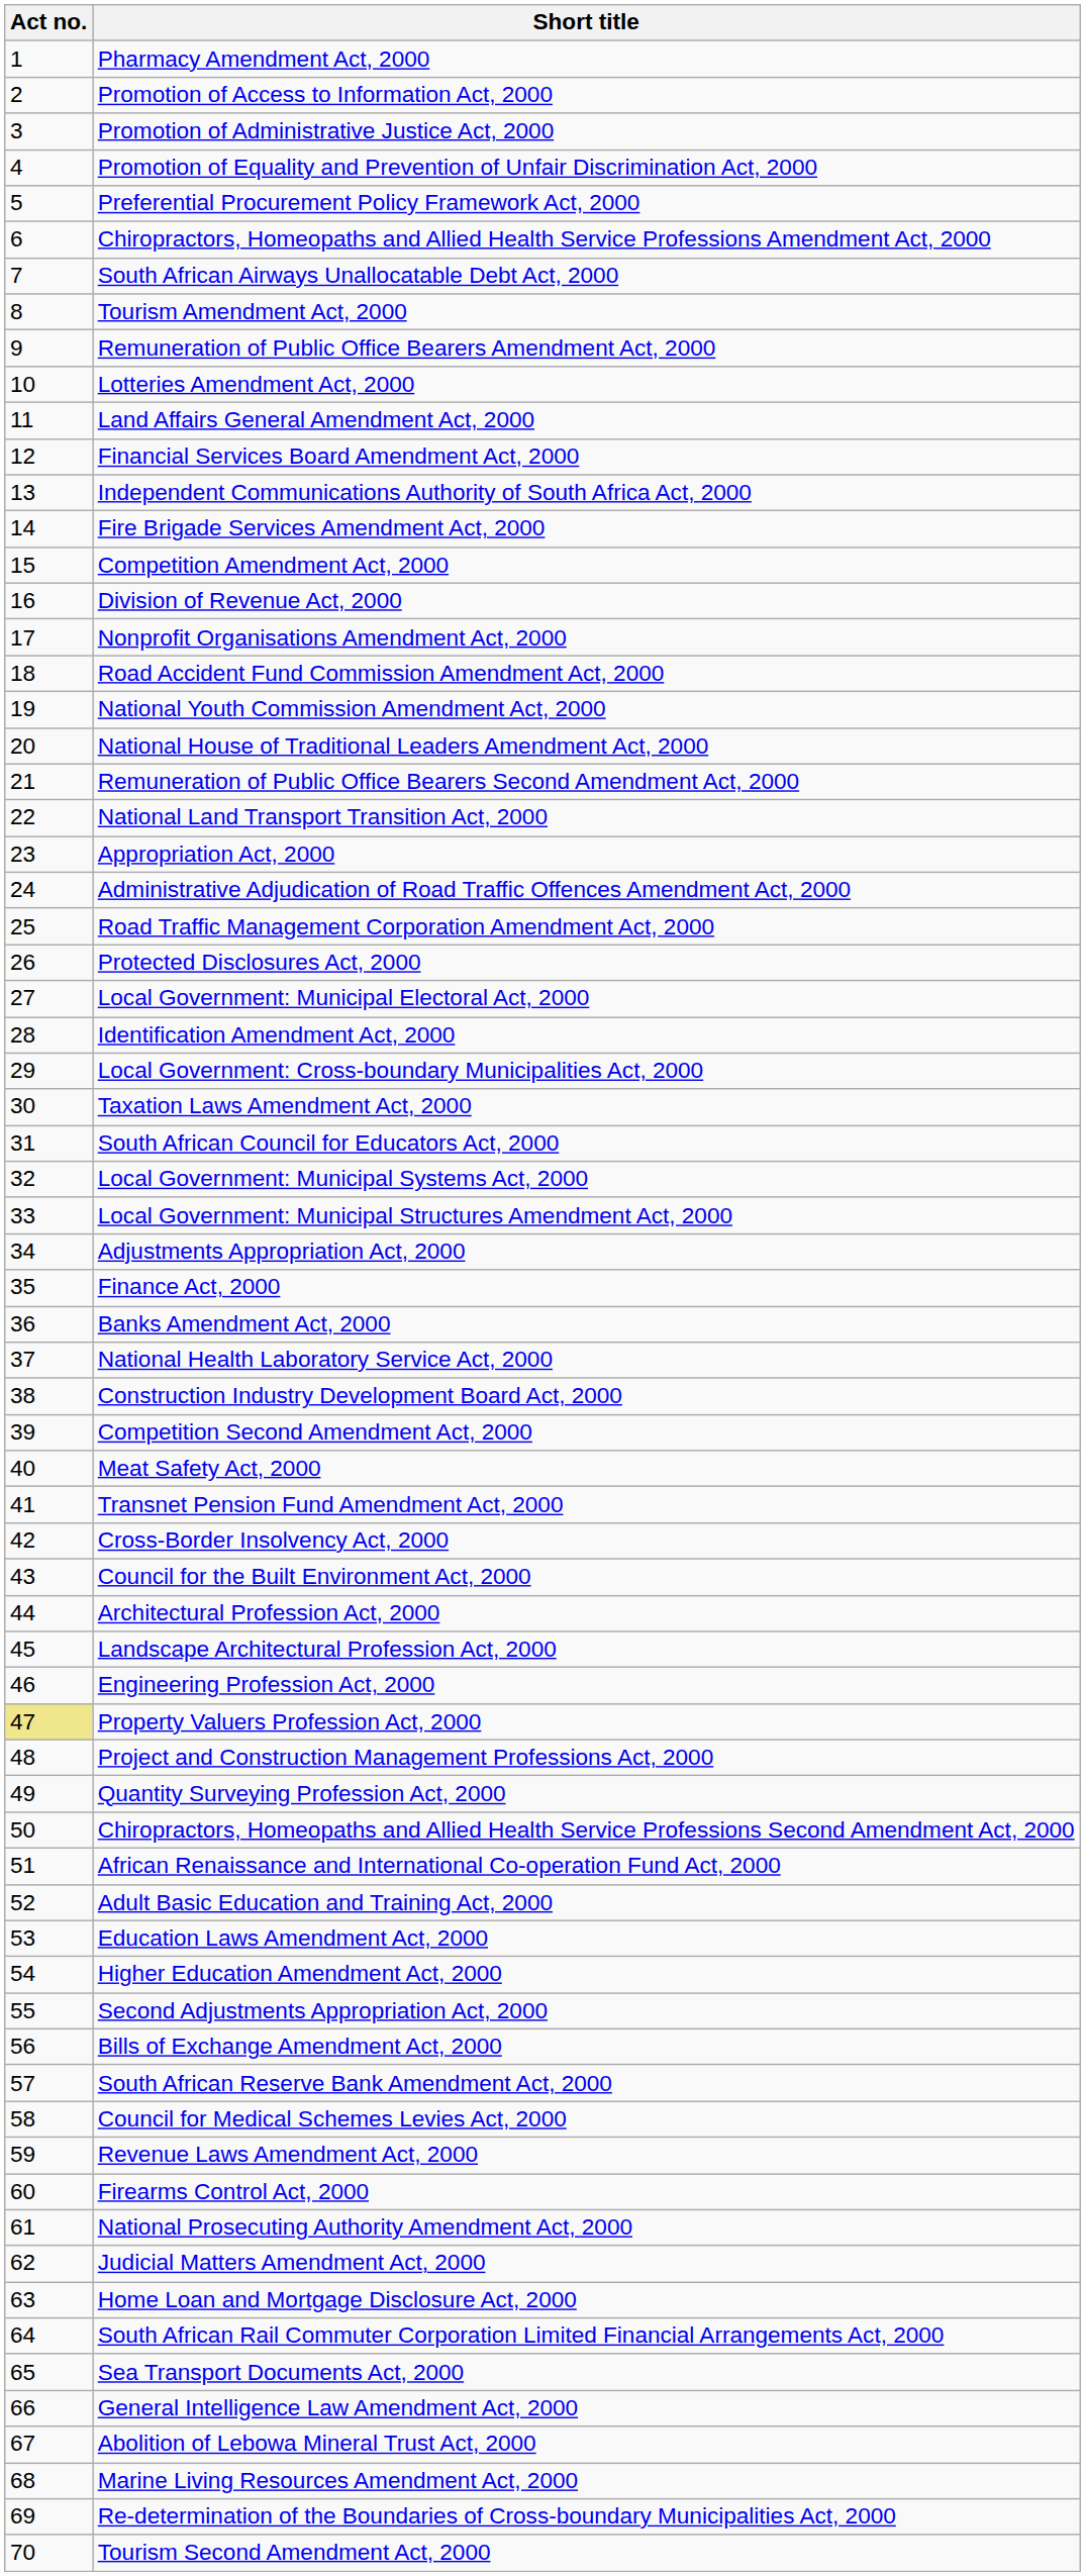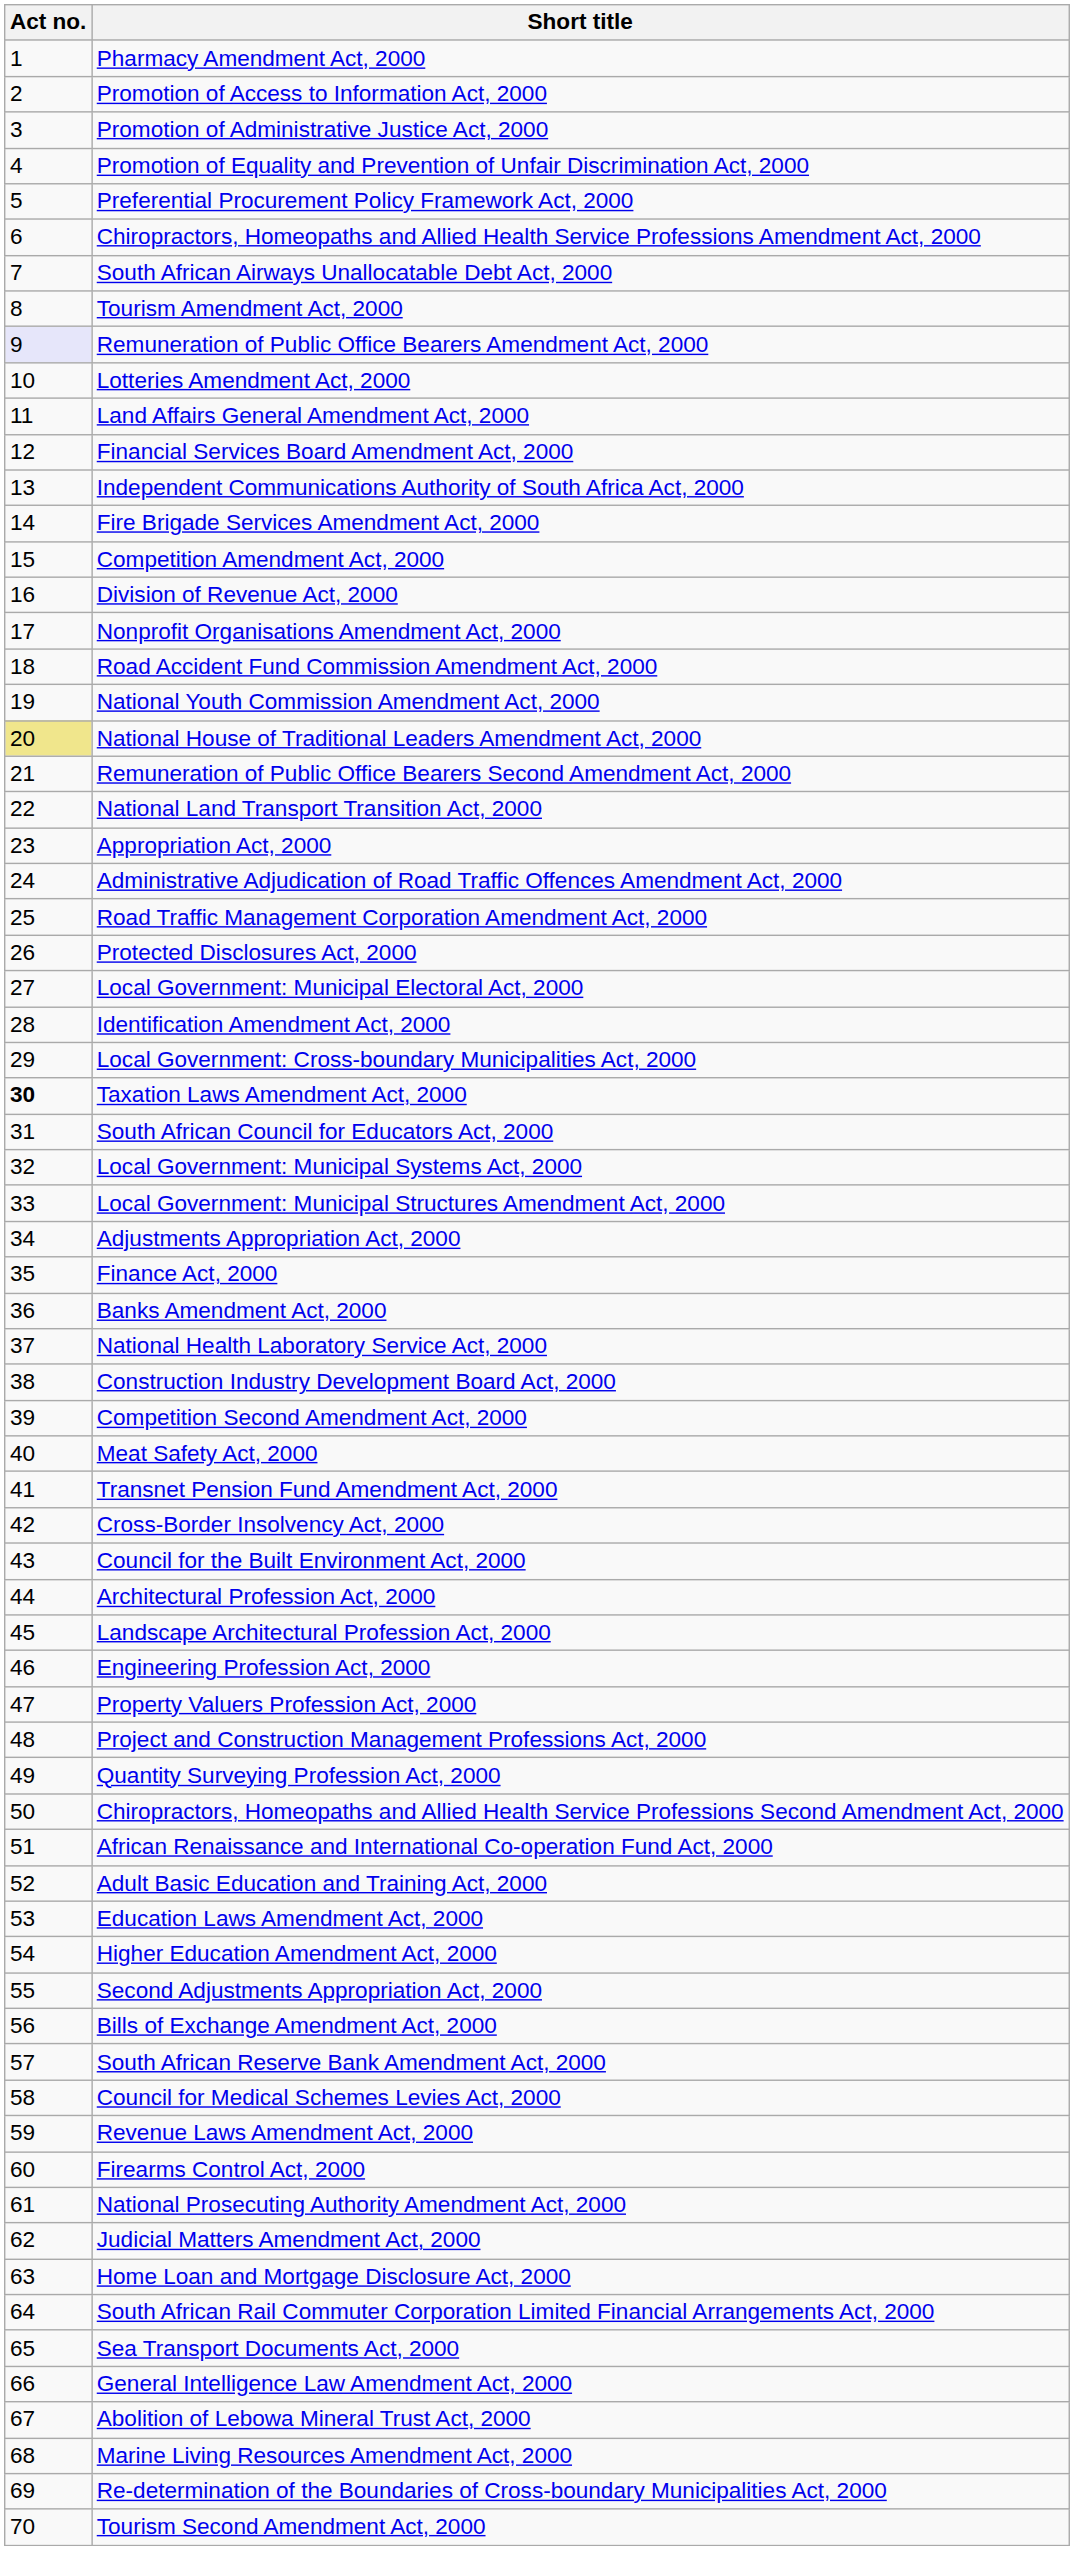 <table class="wikitable sortable">
 <tr>
 <th>Act no.</th>
 <th>Short title</th>
 </tr>
 <tr>
 <td>1</td>
 <td><a href='#'>Pharmacy Amendment Act, 2000</a></td>
 </tr>
 <tr>
 <td>2</td>
 <td><a href='#'>Promotion of Access to Information Act, 2000</a></td>
 </tr>
 <tr>
 <td>3</td>
 <td><a href='#'>Promotion of Administrative Justice Act, 2000</a></td>
 </tr>
 <tr>
 <td>4</td>
 <td><a href='#'>Promotion of Equality and Prevention of Unfair Discrimination Act, 2000</a></td>
 </tr>
 <tr>
 <td>5</td>
 <td><a href='#'>Preferential Procurement Policy Framework Act, 2000</a></td>
 </tr>
 <tr>
 <td>6</td>
 <td><a href='#'>Chiropractors, Homeopaths and Allied Health Service Professions Amendment Act, 2000</a></td>
 </tr>
 <tr>
 <td>7</td>
 <td><a href='#'>South African Airways Unallocatable Debt Act, 2000</a></td>
 </tr>
 <tr>
 <td>8</td>
 <td><a href='#'>Tourism Amendment Act, 2000</a></td>
 </tr>
 <tr>
-<td>9</td>
+<td style="background: lavender;">9</td>
 <td><a href='#'>Remuneration of Public Office Bearers Amendment Act, 2000</a></td>
 </tr>
 <tr>
 <td>10</td>
 <td><a href='#'>Lotteries Amendment Act, 2000</a></td>
 </tr>
 <tr>
 <td>11</td>
 <td><a href='#'>Land Affairs General Amendment Act, 2000</a></td>
 </tr>
 <tr>
 <td>12</td>
 <td><a href='#'>Financial Services Board Amendment Act, 2000</a></td>
 </tr>
 <tr>
 <td>13</td>
 <td><a href='#'>Independent Communications Authority of South Africa Act, 2000</a></td>
 </tr>
 <tr>
 <td>14</td>
 <td><a href='#'>Fire Brigade Services Amendment Act, 2000</a></td>
 </tr>
 <tr>
 <td>15</td>
 <td><a href='#'>Competition Amendment Act, 2000</a></td>
 </tr>
 <tr>
 <td>16</td>
 <td><a href='#'>Division of Revenue Act, 2000</a></td>
 </tr>
 <tr>
 <td>17</td>
 <td><a href='#'>Nonprofit Organisations Amendment Act, 2000</a></td>
 </tr>
 <tr>
 <td>18</td>
 <td><a href='#'>Road Accident Fund Commission Amendment Act, 2000</a></td>
 </tr>
 <tr>
 <td>19</td>
 <td><a href='#'>National Youth Commission Amendment Act, 2000</a></td>
 </tr>
 <tr>
-<td>20</td>
+<td style="background: khaki;">20</td>
 <td><a href='#'>National House of Traditional Leaders Amendment Act, 2000</a></td>
 </tr>
 <tr>
 <td>21</td>
 <td><a href='#'>Remuneration of Public Office Bearers Second Amendment Act, 2000</a></td>
 </tr>
 <tr>
 <td>22</td>
 <td><a href='#'>National Land Transport Transition Act, 2000</a></td>
 </tr>
 <tr>
 <td>23</td>
 <td><a href='#'>Appropriation Act, 2000</a></td>
 </tr>
 <tr>
 <td>24</td>
 <td><a href='#'>Administrative Adjudication of Road Traffic Offences Amendment Act, 2000</a></td>
 </tr>
 <tr>
 <td>25</td>
 <td><a href='#'>Road Traffic Management Corporation Amendment Act, 2000</a></td>
 </tr>
 <tr>
 <td>26</td>
 <td><a href='#'>Protected Disclosures Act, 2000</a></td>
 </tr>
 <tr>
 <td>27</td>
 <td><a href='#'>Local Government: Municipal Electoral Act, 2000</a></td>
 </tr>
 <tr>
 <td>28</td>
 <td><a href='#'>Identification Amendment Act, 2000</a></td>
 </tr>
 <tr>
 <td>29</td>
 <td><a href='#'>Local Government: Cross-boundary Municipalities Act, 2000</a></td>
 </tr>
 <tr>
-<td>30</td>
+<td><strong>30</strong></td>
 <td><a href='#'>Taxation Laws Amendment Act, 2000</a></td>
 </tr>
 <tr>
 <td>31</td>
 <td><a href='#'>South African Council for Educators Act, 2000</a></td>
 </tr>
 <tr>
 <td>32</td>
 <td><a href='#'>Local Government: Municipal Systems Act, 2000</a></td>
 </tr>
 <tr>
 <td>33</td>
 <td><a href='#'>Local Government: Municipal Structures Amendment Act, 2000</a></td>
 </tr>
 <tr>
 <td>34</td>
 <td><a href='#'>Adjustments Appropriation Act, 2000</a></td>
 </tr>
 <tr>
 <td>35</td>
 <td><a href='#'>Finance Act, 2000</a></td>
 </tr>
 <tr>
 <td>36</td>
 <td><a href='#'>Banks Amendment Act, 2000</a></td>
 </tr>
 <tr>
 <td>37</td>
 <td><a href='#'>National Health Laboratory Service Act, 2000</a></td>
 </tr>
 <tr>
 <td>38</td>
 <td><a href='#'>Construction Industry Development Board Act, 2000</a></td>
 </tr>
 <tr>
 <td>39</td>
 <td><a href='#'>Competition Second Amendment Act, 2000</a></td>
 </tr>
 <tr>
 <td>40</td>
 <td><a href='#'>Meat Safety Act, 2000</a></td>
 </tr>
 <tr>
 <td>41</td>
 <td><a href='#'>Transnet Pension Fund Amendment Act, 2000</a></td>
 </tr>
 <tr>
 <td>42</td>
 <td><a href='#'>Cross-Border Insolvency Act, 2000</a></td>
 </tr>
 <tr>
 <td>43</td>
 <td><a href='#'>Council for the Built Environment Act, 2000</a></td>
 </tr>
 <tr>
 <td>44</td>
 <td><a href='#'>Architectural Profession Act, 2000</a></td>
 </tr>
 <tr>
 <td>45</td>
 <td><a href='#'>Landscape Architectural Profession Act, 2000</a></td>
 </tr>
 <tr>
 <td>46</td>
 <td><a href='#'>Engineering Profession Act, 2000</a></td>
 </tr>
 <tr>
-<td style="background: khaki;">47</td>
+<td>47</td>
 <td><a href='#'>Property Valuers Profession Act, 2000</a></td>
 </tr>
 <tr>
 <td>48</td>
 <td><a href='#'>Project and Construction Management Professions Act, 2000</a></td>
 </tr>
 <tr>
 <td>49</td>
 <td><a href='#'>Quantity Surveying Profession Act, 2000</a></td>
 </tr>
 <tr>
 <td>50</td>
 <td><a href='#'>Chiropractors, Homeopaths and Allied Health Service Professions Second Amendment Act, 2000</a></td>
 </tr>
 <tr>
 <td>51</td>
 <td><a href='#'>African Renaissance and International Co-operation Fund Act, 2000</a></td>
 </tr>
 <tr>
 <td>52</td>
 <td><a href='#'>Adult Basic Education and Training Act, 2000</a></td>
 </tr>
 <tr>
 <td>53</td>
 <td><a href='#'>Education Laws Amendment Act, 2000</a></td>
 </tr>
 <tr>
 <td>54</td>
 <td><a href='#'>Higher Education Amendment Act, 2000</a></td>
 </tr>
 <tr>
 <td>55</td>
 <td><a href='#'>Second Adjustments Appropriation Act, 2000</a></td>
 </tr>
 <tr>
 <td>56</td>
 <td><a href='#'>Bills of Exchange Amendment Act, 2000</a></td>
 </tr>
 <tr>
 <td>57</td>
 <td><a href='#'>South African Reserve Bank Amendment Act, 2000</a></td>
 </tr>
 <tr>
 <td>58</td>
 <td><a href='#'>Council for Medical Schemes Levies Act, 2000</a></td>
 </tr>
 <tr>
 <td>59</td>
 <td><a href='#'>Revenue Laws Amendment Act, 2000</a></td>
 </tr>
 <tr>
 <td>60</td>
 <td><a href='#'>Firearms Control Act, 2000</a></td>
 </tr>
 <tr>
 <td>61</td>
 <td><a href='#'>National Prosecuting Authority Amendment Act, 2000</a></td>
 </tr>
 <tr>
 <td>62</td>
 <td><a href='#'>Judicial Matters Amendment Act, 2000</a></td>
 </tr>
 <tr>
 <td>63</td>
 <td><a href='#'>Home Loan and Mortgage Disclosure Act, 2000</a></td>
 </tr>
 <tr>
 <td>64</td>
 <td><a href='#'>South African Rail Commuter Corporation Limited Financial Arrangements Act, 2000</a></td>
 </tr>
 <tr>
 <td>65</td>
 <td><a href='#'>Sea Transport Documents Act, 2000</a></td>
 </tr>
 <tr>
 <td>66</td>
 <td><a href='#'>General Intelligence Law Amendment Act, 2000</a></td>
 </tr>
 <tr>
 <td>67</td>
 <td><a href='#'>Abolition of Lebowa Mineral Trust Act, 2000</a></td>
 </tr>
 <tr>
 <td>68</td>
 <td><a href='#'>Marine Living Resources Amendment Act, 2000</a></td>
 </tr>
 <tr>
 <td>69</td>
 <td><a href='#'>Re-determination of the Boundaries of Cross-boundary Municipalities Act, 2000</a></td>
 </tr>
 <tr>
 <td>70</td>
 <td><a href='#'>Tourism Second Amendment Act, 2000</a></td>
 </tr>
 </table>
